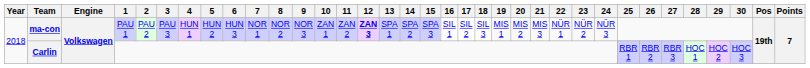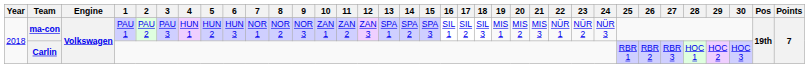 <table class="wikitable" style="text-align:center; font-size:85%">
 <tr>
 <th>Year</th>
 <th>Team</th>
 <th>Engine</th>
 <th>1</th>
 <th>2</th>
 <th>3</th>
 <th>4</th>
 <th>5</th>
 <th>6</th>
 <th>7</th>
 <th>8</th>
 <th>9</th>
 <th>10</th>
 <th>11</th>
 <th>12</th>
 <th>13</th>
 <th>14</th>
 <th>15</th>
 <th>16</th>
 <th>17</th>
 <th>18</th>
 <th>19</th>
 <th>20</th>
 <th>21</th>
 <th>22</th>
 <th>23</th>
 <th>24</th>
 <th>25</th>
 <th>26</th>
 <th>27</th>
 <th>28</th>
 <th>29</th>
 <th>30</th>
 <th>Pos</th>
 <th>Points</th>
 </tr>
 <tr>
 <td rowspan="2"><a href='#'>2018</a></td>
 <th nowrap><a href='#'>ma-con</a></th>
 <th rowspan="2"><a href='#'>Volkswagen</a></th>
 <td style="background:#CFCFFF;"><a href='#'>PAU<br>1</a><br></td>
 <td style="background:#DFFFDF;"><a href='#'>PAU<br>2</a><br></td>
 <td style="background:#CFCFFF;"><a href='#'>PAU<br>3</a><br></td>
 <td style="background:#EFCFFF;"><a href='#'>HUN<br>1</a><br></td>
 <td style="background:#CFCFFF;"><a href='#'>HUN<br>2</a><br></td>
 <td style="background:#CFCFFF;"><a href='#'>HUN<br>3</a><br></td>
 <td style="background:#CFCFFF;"><a href='#'>NOR<br>1</a><br></td>
 <td style="background:#CFCFFF;"><a href='#'>NOR<br>2</a><br></td>
 <td style="background:#CFCFFF;"><a href='#'>NOR<br>3</a><br></td>
 <td style="background:#CFCFFF;"><a href='#'>ZAN<br>1</a><br></td>
 <td style="background:#CFCFFF;"><a href='#'>ZAN<br>2</a><br></td>
-<td style="background:#EFCFFF;"><strong><a href='#'>ZAN<br>3</a><br></strong></td>
+<td style="background:#EFCFFF;"><a href='#'>ZAN<br>3</a><br></td>
 <td style="background:#CFCFFF;"><a href='#'>SPA<br>1</a><br></td>
 <td style="background:#CFCFFF;"><a href='#'>SPA<br>2</a><br></td>
 <td style="background:#CFCFFF;"><a href='#'>SPA<br>3</a><br></td>
 <td style="background:#FFFFFF;"><a href='#'>SIL<br>1</a><br></td>
 <td style="background:#FFFFFF;"><a href='#'>SIL<br>2</a><br></td>
 <td style="background:#FFFFFF;"><a href='#'>SIL<br>3</a><br></td>
 <td style="background:#;"><a href='#'>MIS<br>1</a></td>
 <td style="background:#;"><a href='#'>MIS<br>2</a></td>
 <td style="background:#;"><a href='#'>MIS<br>3</a></td>
 <td style="background:#;"><a href='#'>NÜR<br>1</a></td>
 <td style="background:#;"><a href='#'>NÜR<br>2</a></td>
 <td style="background:#;"><a href='#'>NÜR<br>3</a></td>
 <td colspan=6></td>
 <th rowspan="2">19th</th>
 <th rowspan="2">7</th>
 </tr>
 <tr>
 <th><a href='#'>Carlin</a></th>
 <td colspan=24></td>
 <td style="background:#CFCFFF;"><a href='#'>RBR<br>1</a><br></td>
 <td style="background:#CFCFFF;"><a href='#'>RBR<br>2</a><br></td>
 <td style="background:#CFCFFF;"><a href='#'>RBR<br>3</a><br></td>
 <td style="background:#DFFFDF;"><a href='#'>HOC<br>1</a><br></td>
 <td style="background:#EFCFFF;"><a href='#'>HOC<br>2</a><br></td>
 <td style="background:#CFCFFF;"><a href='#'>HOC<br>3</a><br></td>
 </tr>
 </table>
